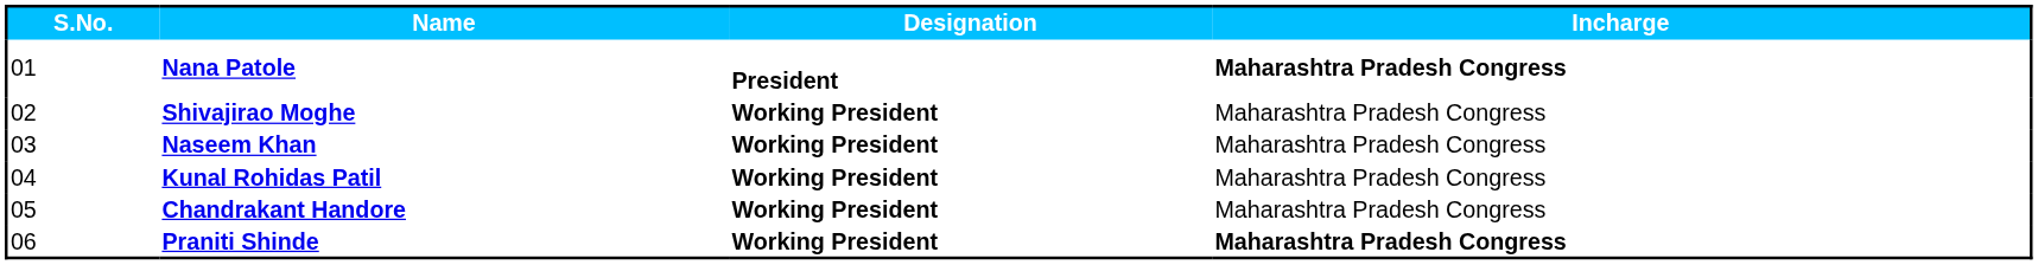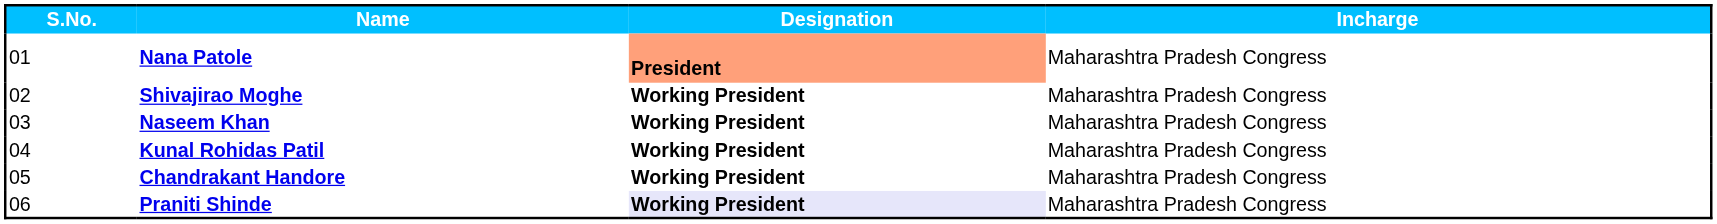 <table class="sortable" cellspacing="0" cellpadding="2" style="border-collapse: collapse; border: 2px #000000 solid; font-size: x-big; width:70%; border:1">
 <tr style="background-color:#00BFFF; color:white">
 <th>S.No.</th>
 <th>Name</th>
 <th>Designation</th>
 <th>Incharge</th>
 </tr>
 <tr>
 <td>01</td>
 <td><strong><a href='#'>Nana Patole</a></strong></td>
-<td><br><strong>President</strong></td>
-<td><strong>Maharashtra Pradesh Congress</strong></td>
+<td style="background: lightsalmon;"><br><strong>President</strong></td>
+<td>Maharashtra Pradesh Congress</td>
 </tr>
 <tr>
 <td>02</td>
 <td><strong><a href='#'>Shivajirao Moghe</a></strong></td>
 <td><strong>Working President</strong><br></td>
 <td>Maharashtra Pradesh Congress</td>
 </tr>
 <tr>
 <td>03</td>
 <td><strong><a href='#'>Naseem Khan</a></strong></td>
 <td><strong>Working President</strong><br></td>
 <td>Maharashtra Pradesh Congress</td>
 </tr>
 <tr>
 <td>04</td>
 <td><strong><a href='#'>Kunal Rohidas Patil</a></strong></td>
 <td><strong>Working President</strong><br></td>
 <td>Maharashtra Pradesh Congress</td>
 </tr>
 <tr>
 <td>05</td>
 <td><strong><a href='#'>Chandrakant Handore</a></strong></td>
 <td><strong>Working President</strong><br></td>
 <td>Maharashtra Pradesh Congress</td>
 </tr>
 <tr>
 <td>06</td>
 <td><strong><a href='#'>Praniti Shinde</a></strong></td>
-<td><strong>Working President</strong><br></td>
-<td><strong>Maharashtra Pradesh Congress</strong></td>
+<td style="background: lavender;"><strong>Working President</strong><br></td>
+<td>Maharashtra Pradesh Congress</td>
 </tr>
 <tr>
 </tr>
 </table>
